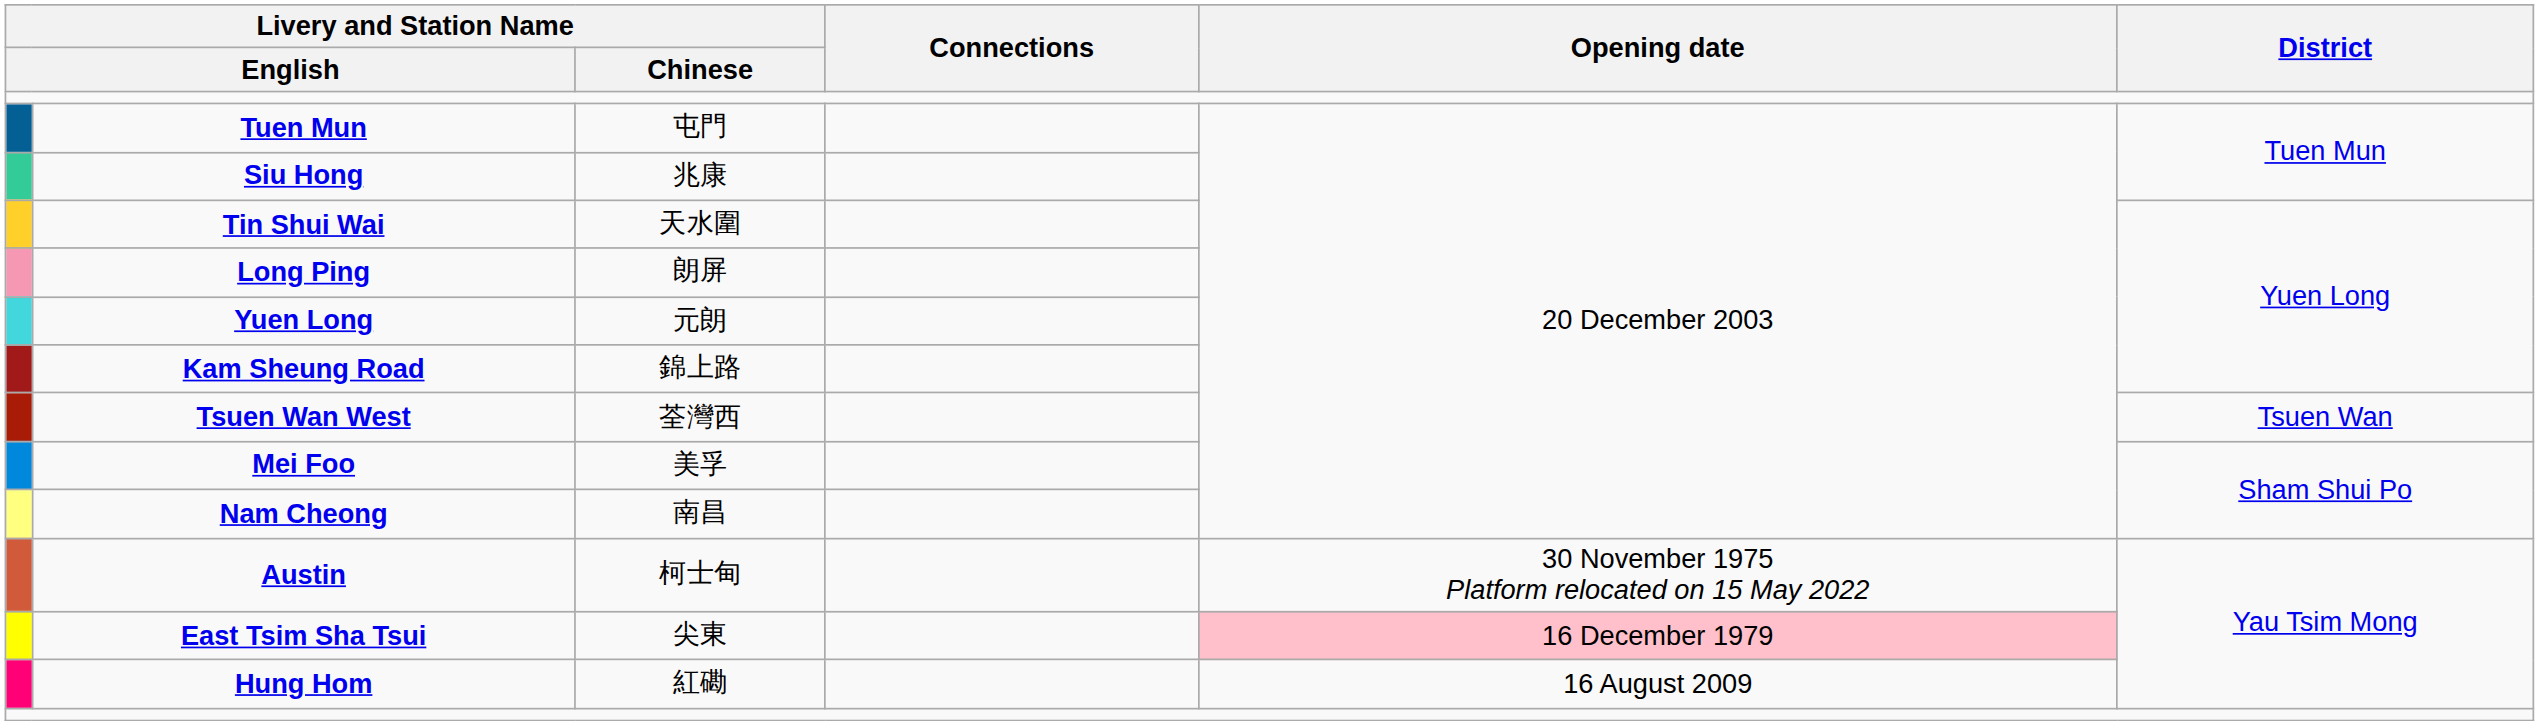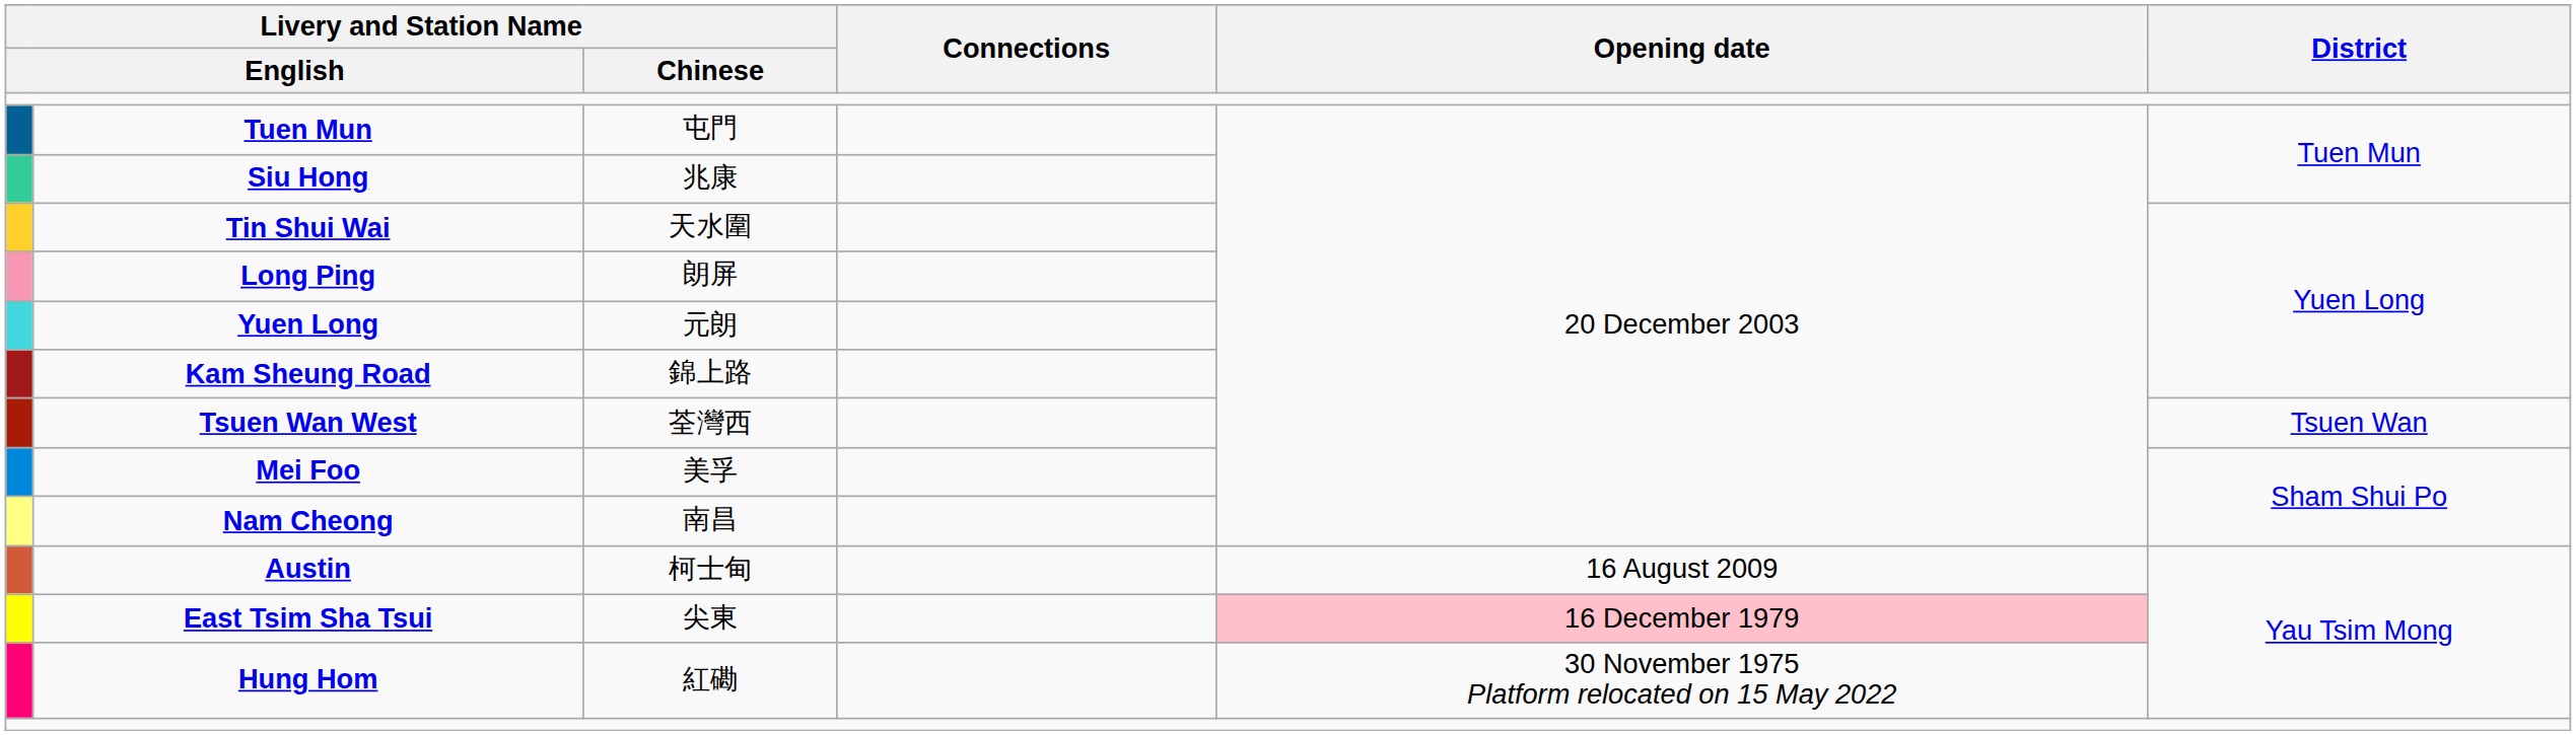 <table class="wikitable" style="width: 75%; margin: 0.5em auto; text-align: center;">
 <tr>
 <th colspan="3">Livery and Station Name</th>
 <th rowspan="2">Connections</th>
 <th rowspan="2">Opening date</th>
 <th rowspan="2"><a href='#'>District</a></th>
 </tr>
 <tr>
 <th colspan="2">English</th>
 <th>Chinese</th>
 </tr>
 <tr>
 <td colspan="6"></td>
 </tr>
 <tr>
 <td style="background:#035F94"></td>
 <td><strong><a href='#'>Tuen Mun</a></strong></td>
 <td>屯門</td>
 <td></td>
 <td rowspan="9">20 December 2003</td>
 <td rowspan="2"><a href='#'>Tuen Mun</a></td>
 </tr>
 <tr>
 <td style="background:#33CC99"></td>
 <td><strong><a href='#'>Siu Hong</a></strong></td>
 <td>兆康</td>
 <td></td>
 </tr>
 <tr>
 <td style="background:#FFCF2A"></td>
 <td><strong><a href='#'>Tin Shui Wai</a></strong></td>
 <td>天水圍</td>
 <td></td>
 <td rowspan="4"><a href='#'>Yuen Long</a></td>
 </tr>
 <tr>
 <td style="background:#F697B4"></td>
 <td><strong><a href='#'>Long Ping</a></strong></td>
 <td>朗屏</td>
 <td></td>
 </tr>
 <tr>
 <td style="background:#42D7DC"></td>
 <td><strong><a href='#'>Yuen Long</a></strong></td>
 <td>元朗</td>
 <td></td>
 </tr>
 <tr>
 <td style="background:#A11919"></td>
 <td><strong><a href='#'>Kam Sheung Road</a></strong></td>
 <td>錦上路</td>
 <td></td>
 </tr>
 <tr>
 <td style="background:#A81C07"></td>
 <td><strong><a href='#'>Tsuen Wan West</a></strong></td>
 <td>荃灣西</td>
 <td></td>
 <td><a href='#'>Tsuen Wan</a></td>
 </tr>
 <tr>
 <td style="background:#0088DD"></td>
 <td><strong><a href='#'>Mei Foo</a></strong></td>
 <td>美孚</td>
 <td></td>
 <td rowspan="2"><a href='#'>Sham Shui Po</a></td>
 </tr>
 <tr>
 <td style="background:#FFFF80"></td>
 <td><strong><a href='#'>Nam Cheong</a></strong></td>
 <td>南昌</td>
 <td></td>
 </tr>
 <tr>
 <td style="background:#D05A3A"></td>
 <td><strong><a href='#'>Austin</a></strong></td>
 <td>柯士甸</td>
 <td></td>
-<td>30 November 1975<br><em>Platform relocated on 15 May 2022</em></td>
+<td>16 August 2009</td>
 <td rowspan="3"><a href='#'>Yau Tsim Mong</a></td>
 </tr>
 <tr>
 <td style="background:#FFFF00"></td>
 <td><strong><a href='#'>East Tsim Sha Tsui</a></strong></td>
 <td>尖東</td>
 <td></td>
 <td style="background: pink;">16 December 1979</td>
 </tr>
 <tr>
 <td style="background:#FF0077"></td>
 <td><strong><a href='#'>Hung Hom</a></strong></td>
 <td>紅磡</td>
 <td></td>
-<td>16 August 2009</td>
+<td>30 November 1975<br><em>Platform relocated on 15 May 2022</em></td>
 </tr>
 <tr>
 <td colspan="6"></td>
 </tr>
 </table>
